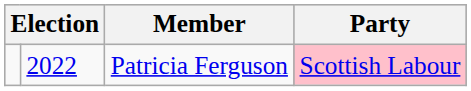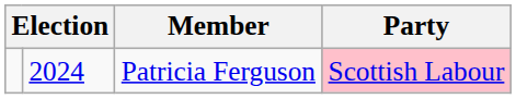 <table class="wikitable">
 <tr>
 <th colspan="2">Election</th>
 <th>Member</th>
 <th>Party</th>
 </tr>
 <tr>
 <td style="color:inherit;background-color: "></td>
-<td><a href='#'>2022</a></td>
+<td><a href='#'>2024</a></td>
 <td><a href='#'>Patricia Ferguson</a></td>
 <td style="background: pink;"><a href='#'>Scottish Labour</a></td>
 </tr>
 </table>
